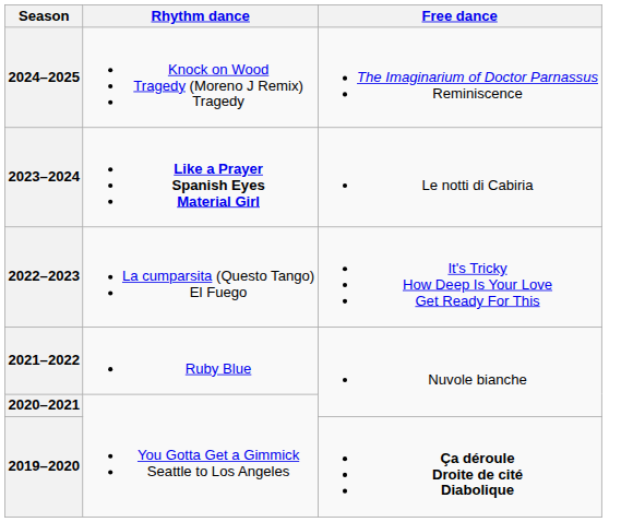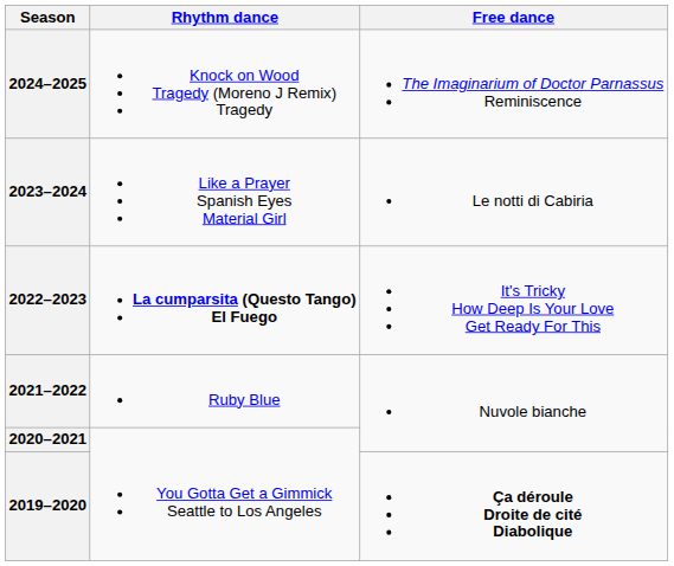 <table class=wikitable style=text-align:center>
 <tr>
 <th>Season</th>
 <th><a href='#'>Rhythm dance</a></th>
 <th><a href='#'>Free dance</a></th>
 </tr>
 <tr>
 <th>2024–2025 <br> </th>
 <td><br><ul><li><a href='#'>Knock on Wood</a> <br> </li><li><a href='#'>Tragedy</a> (Moreno J Remix)</li><li>Tragedy <br> </li></ul></td>
 <td><br><ul><li><em><a href='#'>The Imaginarium of Doctor Parnassus</a></em> <br> </li><li>Reminiscence <br> </li></ul></td>
 </tr>
 <tr>
 <th>2023–2024 <br> </th>
-<td><strong><br><ul><li><a href='#'>Like a Prayer</a></li><li>Spanish Eyes</li><li><a href='#'>Material Girl</a> <br> </li></ul></strong></td>
+<td><br><ul><li><a href='#'>Like a Prayer</a></li><li>Spanish Eyes</li><li><a href='#'>Material Girl</a> <br> </li></ul></td>
 <td><br><ul><li>Le notti di Cabiria <br> </li></ul></td>
 </tr>
 <tr>
 <th>2022–2023 <br> </th>
-<td><br><ul><li> <a href='#'>La cumparsita</a> (Questo Tango) <br> </li><li> El Fuego <br> </li></ul></td>
+<td><strong><br><ul><li> <a href='#'>La cumparsita</a> (Questo Tango) <br> </li><li> El Fuego <br> </li></ul></strong></td>
 <td><br><ul><li><a href='#'>It's Tricky</a> <br> </li><li><a href='#'>How Deep Is Your Love</a> <br> </li><li><a href='#'>Get Ready For This</a> <br> </li></ul></td>
 </tr>
 <tr>
 <th>2021–2022 <br> </th>
 <td><br><ul><li><a href='#'>Ruby Blue</a> <br> </li></ul></td>
 <td rowspan=2><br><ul><li>Nuvole bianche <br> </li></ul></td>
 </tr>
 <tr>
 <th>2020–2021</th>
 <td rowspan=2><br><ul><li> <a href='#'>You Gotta Get a Gimmick</a></li><li> Seattle to Los Angeles <br> </li></ul></td>
 </tr>
 <tr>
 <th>2019–2020 <br> </th>
 <td><strong><br><ul><li>Ça déroule</li><li>Droite de cité</li><li>Diabolique <br> </li></ul></strong></td>
 </tr>
 </table>
